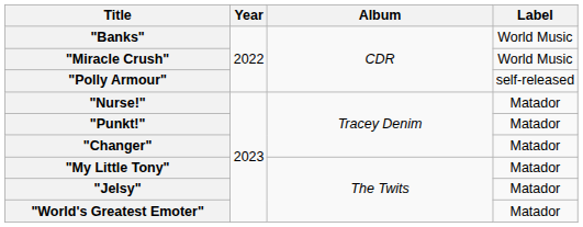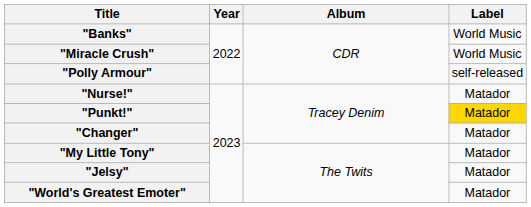 <table class="wikitable plainrowheaders" style="text-align:center;">
 <tr>
 <th scope="col" style="width:16em;">Title</th>
 <th scope="col" style="width:1em;">Year</th>
 <th scope="col" style="width:16em;">Album</th>
 <th>Label</th>
 </tr>
 <tr>
 <th scope="row">"Banks"</th>
 <td rowspan="3">2022</td>
 <td rowspan="3"><em>CDR</em></td>
 <td>World Music</td>
 </tr>
 <tr>
 <th scope="row">"Miracle Crush"</th>
 <td>World Music</td>
 </tr>
 <tr>
 <th scope="row">"Polly Armour"</th>
 <td>self-released</td>
 </tr>
 <tr>
 <th scope="row">"Nurse!"</th>
 <td rowspan="6">2023</td>
 <td rowspan="3"><em>Tracey Denim</em></td>
 <td>Matador</td>
 </tr>
 <tr>
 <th scope="row">"Punkt!"</th>
-<td>Matador</td>
+<td style="background: gold;">Matador</td>
 </tr>
 <tr>
 <th scope="row">"Changer"</th>
 <td>Matador</td>
 </tr>
 <tr>
 <th scope="row">"My Little Tony"</th>
 <td rowspan="3"><em>The Twits</em></td>
 <td>Matador</td>
 </tr>
 <tr>
 <th scope="row">"Jelsy"</th>
 <td>Matador</td>
 </tr>
 <tr>
 <th scope="row">"World's Greatest Emoter"</th>
 <td>Matador</td>
 </tr>
 </table>
